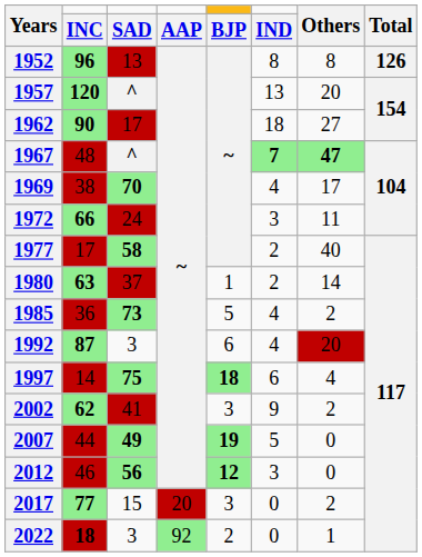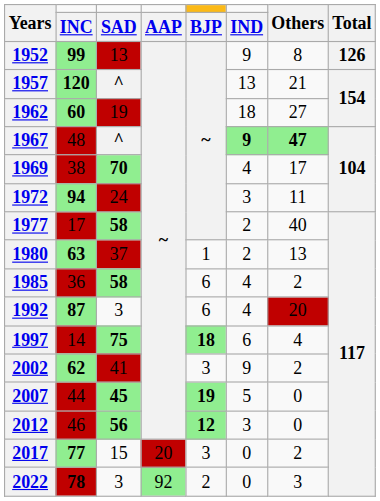 <table class="wikitable" style="text-align:center">
 <tr>
 <th rowspan="2">Years</th>
 <td></td>
 <td></td>
 <td></td>
 <td bgcolor="#FBB917"></td>
 <td></td>
 <th rowspan="2">Others</th>
 <th rowspan="2">Total</th>
 </tr>
 <tr>
 <th><a href='#'>INC</a></th>
 <th><a href='#'>SAD</a></th>
 <th><a href='#'>AAP</a></th>
 <th><a href='#'>BJP</a></th>
 <th><a href='#'>IND</a></th>
 </tr>
 <tr>
 <th><a href='#'>1952</a></th>
-<td bgcolor="lightgreen"><strong>96</strong></td>
+<td bgcolor="lightgreen"><strong>99</strong></td>
 <td bgcolor="chili">13</td>
 <th rowspan="14">~</th>
 <th rowspan="7">~</th>
-<td>8</td>
+<td>9</td>
 <td>8</td>
 <th>126</th>
 </tr>
 <tr>
 <th><a href='#'>1957</a></th>
 <td bgcolor="lightgreen"><strong>120</strong></td>
 <th>^</th>
 <td>13</td>
-<td>20</td>
+<td>21</td>
 <th rowspan="2">154</th>
 </tr>
 <tr>
 <th><a href='#'>1962</a></th>
-<td bgcolor="lightgreen"><strong>90</strong></td>
-<td bgcolor="chili">17</td>
+<td bgcolor="lightgreen"><strong>60</strong></td>
+<td bgcolor="chili">19</td>
 <td>18</td>
 <td>27</td>
 </tr>
 <tr>
 <th><a href='#'>1967</a></th>
 <td bgcolor="chili">48</td>
 <th>^</th>
-<td bgcolor="lightgreen"><strong>7</strong></td>
+<td bgcolor="lightgreen"><strong>9</strong></td>
 <td bgcolor="lightgreen"><strong>47</strong></td>
 <th rowspan="3">104</th>
 </tr>
 <tr>
 <th><a href='#'>1969</a></th>
 <td bgcolor="chili">38</td>
 <td bgcolor="lightgreen"><strong>70</strong></td>
 <td>4</td>
 <td>17</td>
 </tr>
 <tr>
 <th><a href='#'>1972</a></th>
-<td bgcolor="lightgreen"><strong>66</strong></td>
+<td bgcolor="lightgreen"><strong>94</strong></td>
 <td bgcolor="chili">24</td>
 <td>3</td>
 <td>11</td>
 </tr>
 <tr>
 <th><a href='#'>1977</a></th>
 <td bgcolor="chili">17</td>
 <td bgcolor="lightgreen"><strong>58</strong></td>
 <td>2</td>
 <td>40</td>
 <th rowspan="10">117</th>
 </tr>
 <tr>
 <th><a href='#'>1980</a></th>
 <td bgcolor="lightgreen"><strong>63</strong></td>
 <td bgcolor="chili">37</td>
 <td>1</td>
 <td>2</td>
-<td>14</td>
+<td>13</td>
 </tr>
 <tr>
 <th><a href='#'>1985</a></th>
 <td bgcolor="chili">36</td>
-<td bgcolor="lightgreen"><strong>73</strong></td>
-<td>5</td>
+<td bgcolor="lightgreen"><strong>58</strong></td>
+<td>6</td>
 <td>4</td>
 <td>2</td>
 </tr>
 <tr>
 <th><a href='#'>1992</a></th>
 <td bgcolor="lightgreen"><strong>87</strong></td>
 <td>3</td>
 <td>6</td>
 <td>4</td>
 <td bgcolor="chili">20</td>
 </tr>
 <tr>
 <th><a href='#'>1997</a></th>
 <td bgcolor="chili">14</td>
 <td bgcolor="lightgreen"><strong>75</strong></td>
 <td bgcolor="lightgreen"><strong>18</strong></td>
 <td>6</td>
 <td>4</td>
 </tr>
 <tr>
 <th><a href='#'>2002</a></th>
 <td bgcolor="lightgreen"><strong>62</strong></td>
 <td bgcolor="chili">41</td>
 <td>3</td>
 <td>9</td>
 <td>2</td>
 </tr>
 <tr>
 <th><a href='#'>2007</a></th>
 <td bgcolor="chili">44</td>
-<td bgcolor="lightgreen"><strong>49</strong></td>
+<td bgcolor="lightgreen"><strong>45</strong></td>
 <td bgcolor="lightgreen"><strong>19</strong></td>
 <td>5</td>
 <td>0</td>
 </tr>
 <tr>
 <th><a href='#'>2012</a></th>
 <td bgcolor="chili">46</td>
 <td bgcolor="lightgreen"><strong>56</strong></td>
 <td bgcolor="lightgreen"><strong>12</strong></td>
 <td>3</td>
 <td>0</td>
 </tr>
 <tr>
 <th><a href='#'>2017</a></th>
 <td bgcolor="lightgreen"><strong>77</strong></td>
 <td>15</td>
 <td bgcolor="chili">20</td>
 <td>3</td>
 <td>0</td>
 <td>2</td>
 </tr>
 <tr>
 <th><a href='#'>2022</a></th>
-<td bgcolor="chili"><strong>18</strong></td>
+<td bgcolor="chili"><strong>78</strong></td>
 <td>3</td>
 <td bgcolor="lightgreen">92</td>
 <td>2</td>
 <td>0</td>
-<td>1</td>
+<td>3</td>
 </tr>
 </table>
